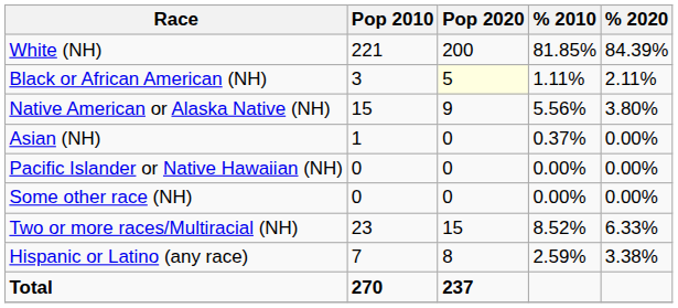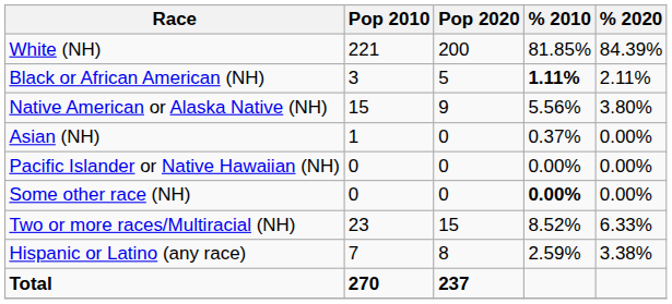 <table class="wikitable">
 <tr>
 <th>Race</th>
 <th>Pop 2010</th>
 <th>Pop 2020</th>
 <th>% 2010</th>
 <th>% 2020</th>
 </tr>
 <tr>
 <td><a href='#'>White</a> (NH)</td>
 <td>221</td>
 <td>200</td>
 <td>81.85%</td>
 <td>84.39%</td>
 </tr>
 <tr>
 <td><a href='#'>Black or African American</a> (NH)</td>
 <td>3</td>
-<td style="background: lightyellow;">5</td>
-<td>1.11%</td>
+<td>5</td>
+<td><strong>1.11%</strong></td>
 <td>2.11%</td>
 </tr>
 <tr>
 <td><a href='#'>Native American</a> or <a href='#'>Alaska Native</a> (NH)</td>
 <td>15</td>
 <td>9</td>
 <td>5.56%</td>
 <td>3.80%</td>
 </tr>
 <tr>
 <td><a href='#'>Asian</a> (NH)</td>
 <td>1</td>
 <td>0</td>
 <td>0.37%</td>
 <td>0.00%</td>
 </tr>
 <tr>
 <td><a href='#'>Pacific Islander</a> or <a href='#'>Native Hawaiian</a> (NH)</td>
 <td>0</td>
 <td>0</td>
 <td>0.00%</td>
 <td>0.00%</td>
 </tr>
 <tr>
 <td><a href='#'>Some other race</a> (NH)</td>
 <td>0</td>
 <td>0</td>
-<td>0.00%</td>
+<td><strong>0.00%</strong></td>
 <td>0.00%</td>
 </tr>
 <tr>
 <td><a href='#'>Two or more races/Multiracial</a> (NH)</td>
 <td>23</td>
 <td>15</td>
 <td>8.52%</td>
 <td>6.33%</td>
 </tr>
 <tr>
 <td><a href='#'>Hispanic or Latino</a> (any race)</td>
 <td>7</td>
 <td>8</td>
 <td>2.59%</td>
 <td>3.38%</td>
 </tr>
 <tr>
 <td><strong>Total</strong></td>
 <td><strong>270</strong></td>
 <td><strong>237</strong></td>
 <td></td>
 <td></td>
 </tr>
 <tr>
 </tr>
 </table>
